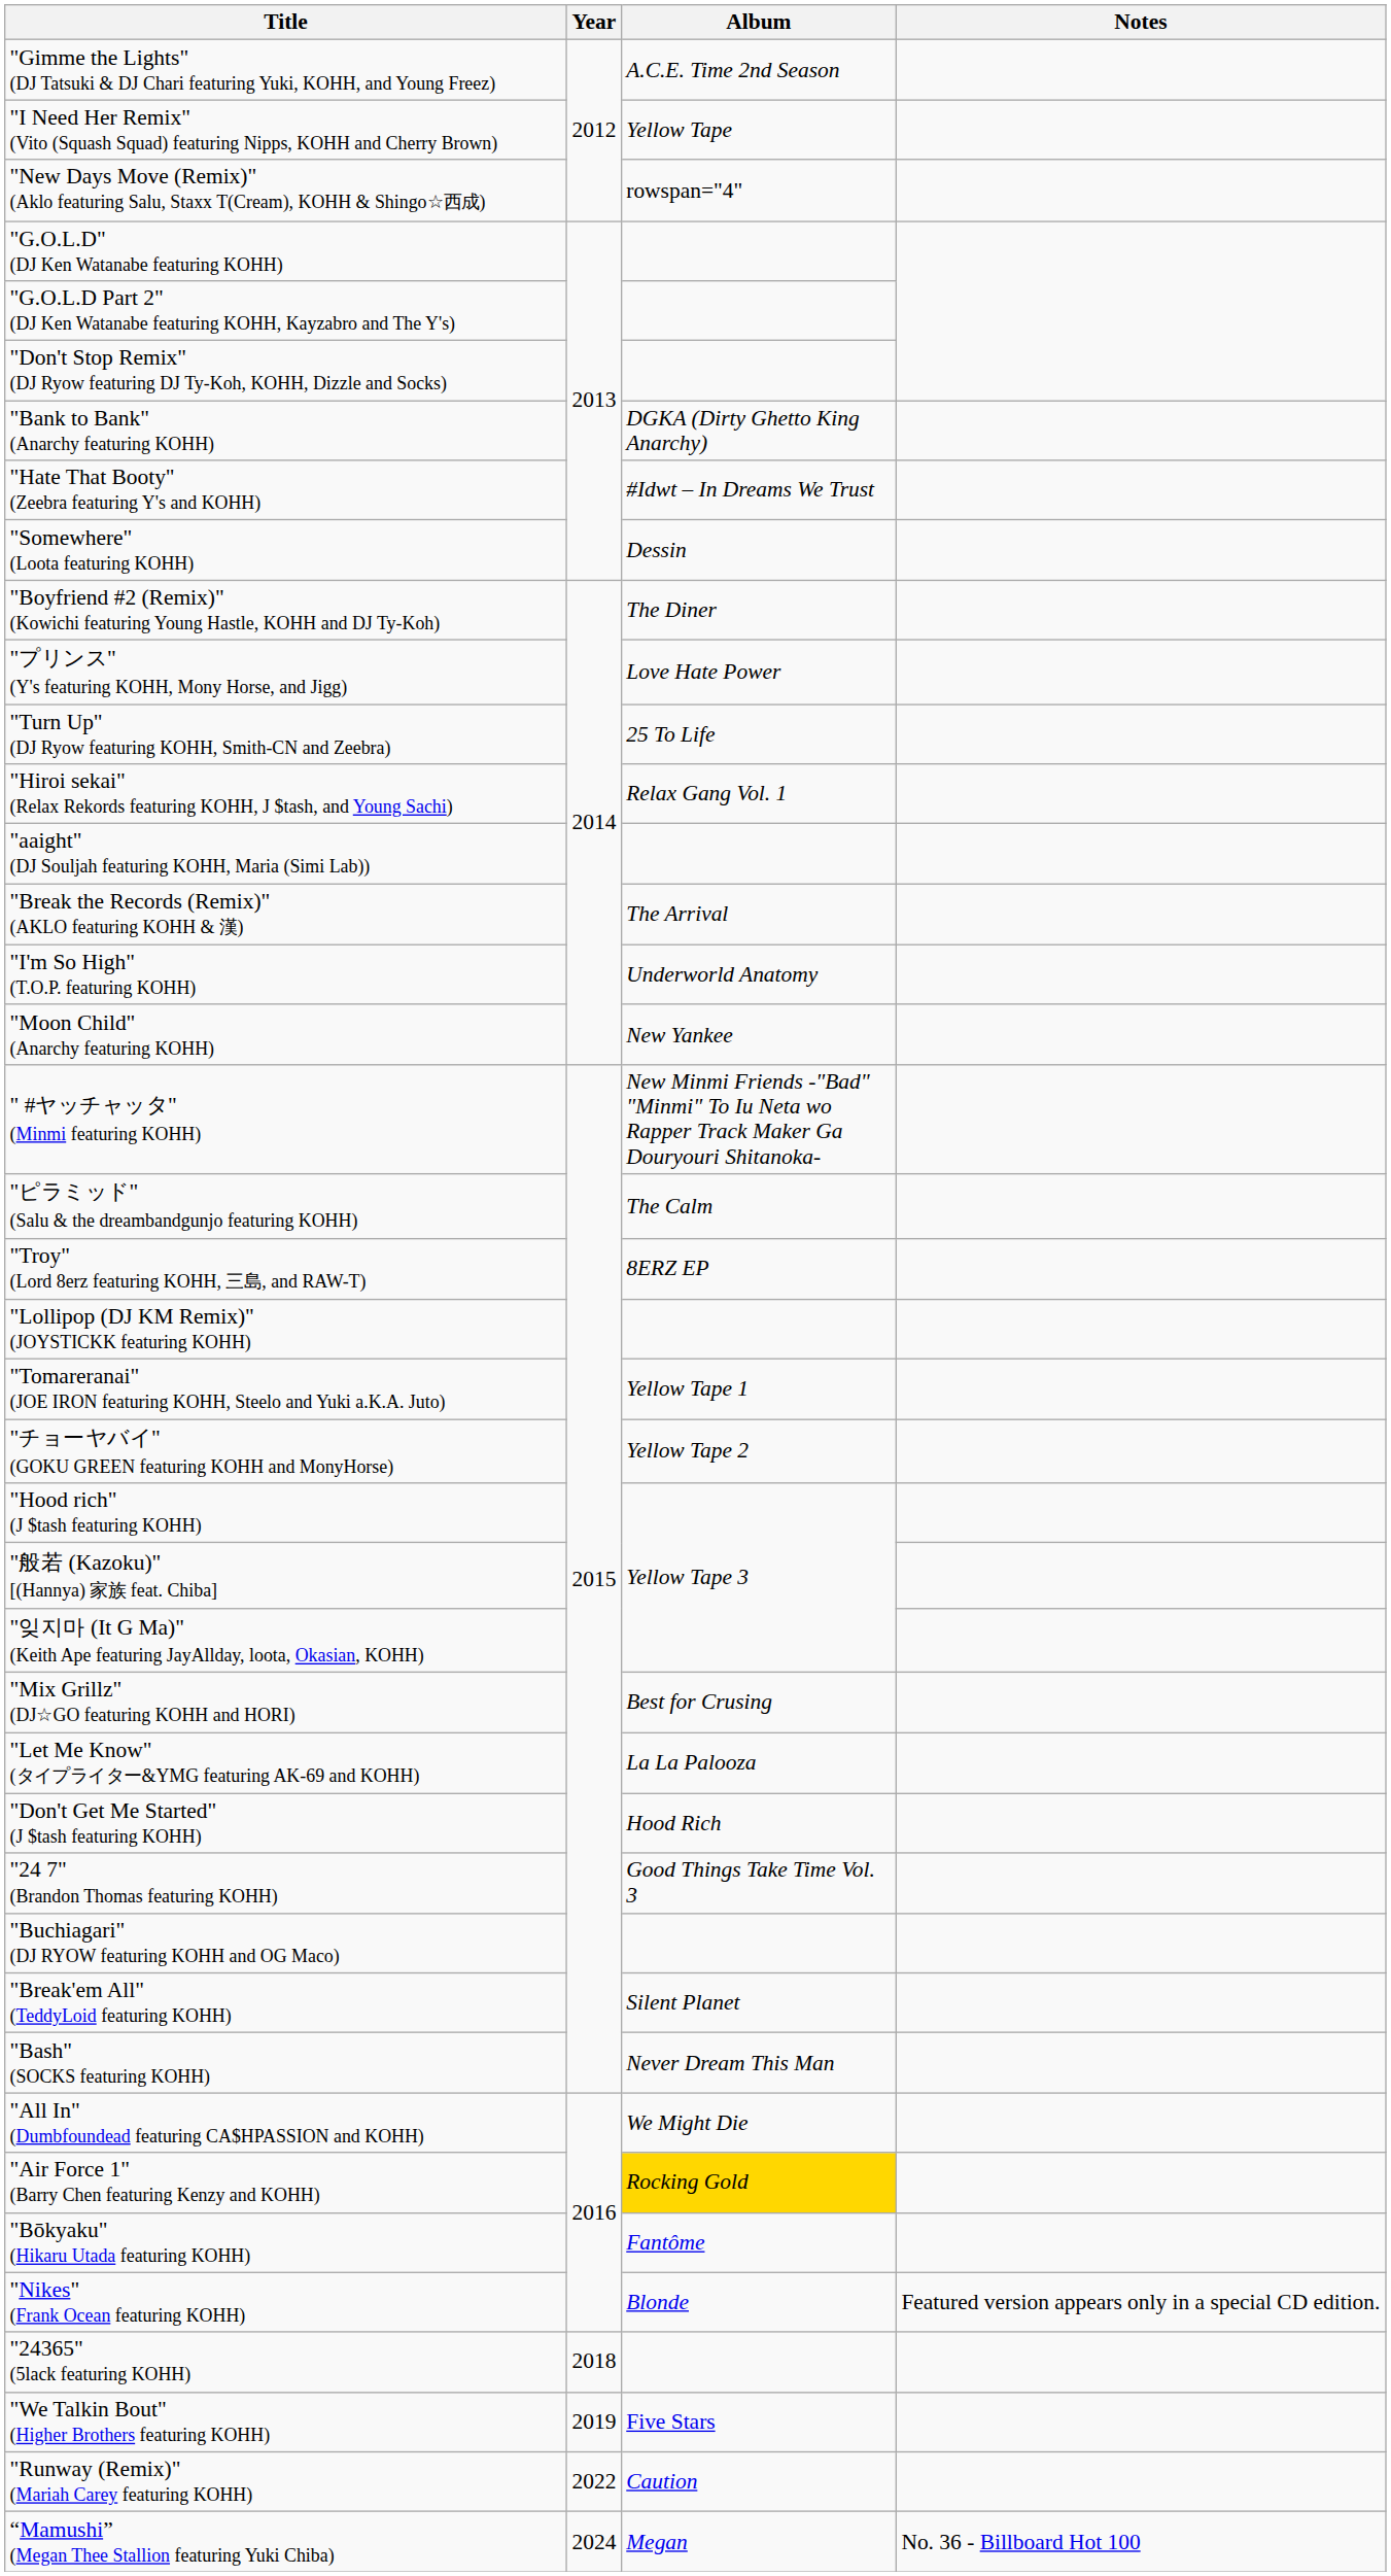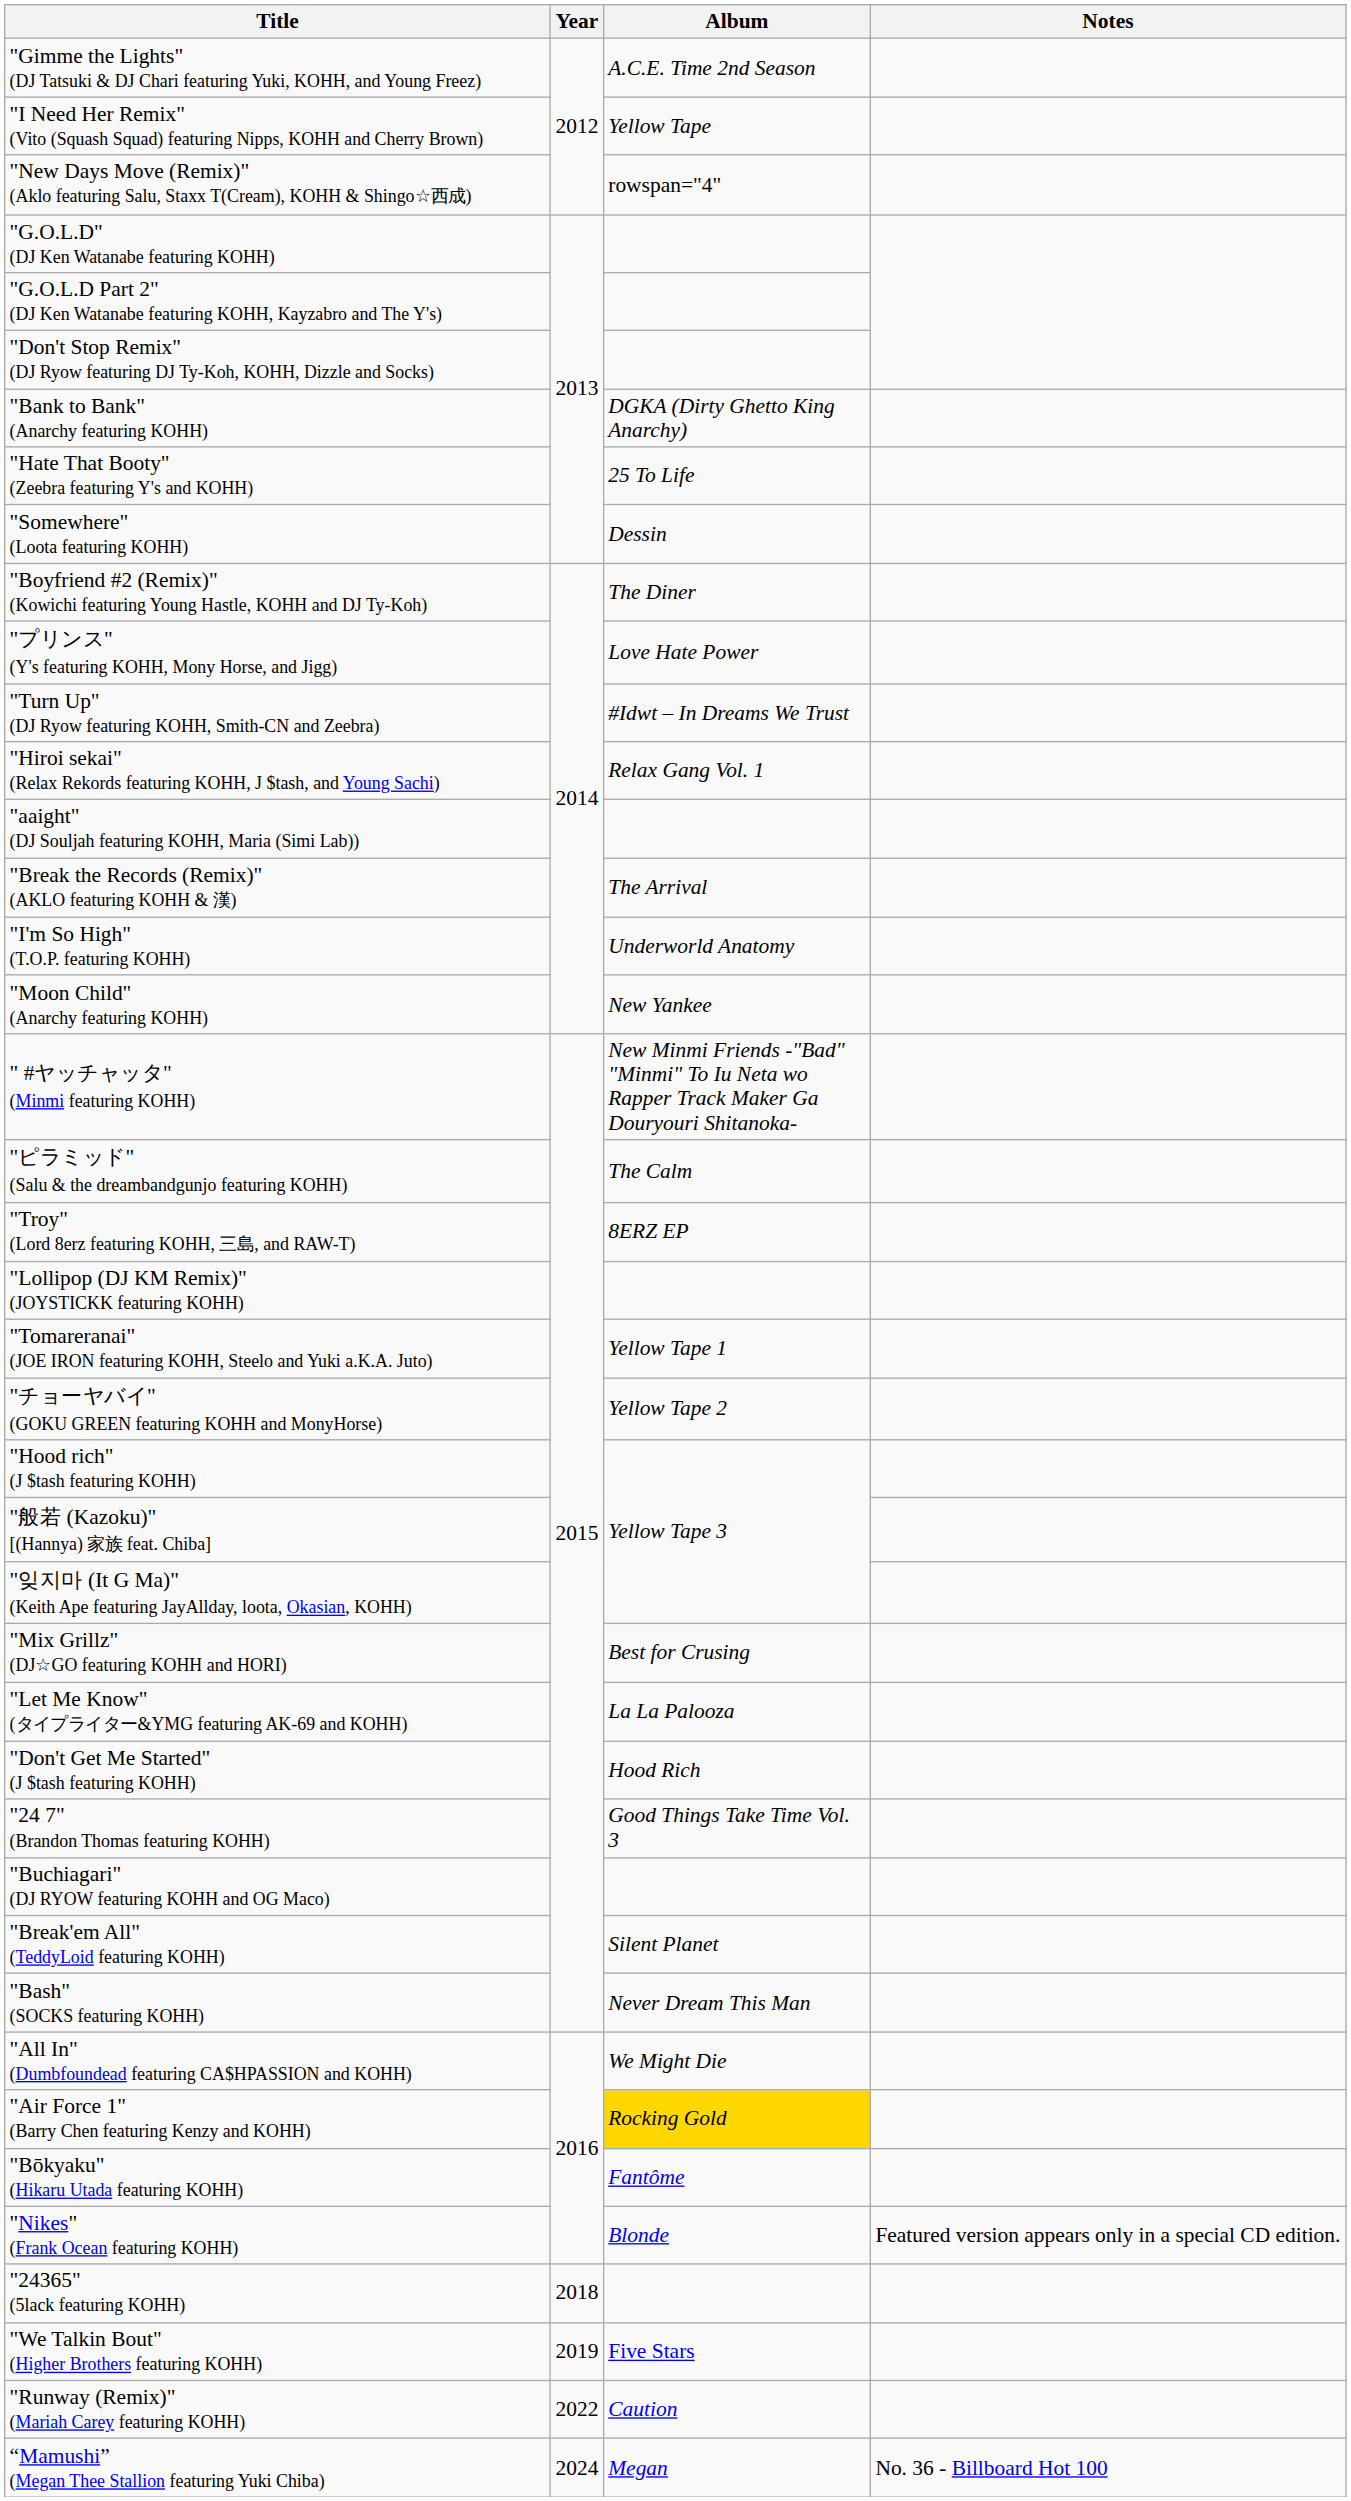 <table class="wikitable sortable">
 <tr>
 <th scope="col" style="width:25em;">Title</th>
 <th>Year</th>
 <th scope="col" style="width:12em;">Album</th>
 <th>Notes</th>
 </tr>
 <tr>
 <td>"Gimme the Lights"<br><small>(DJ Tatsuki & DJ Chari featuring Yuki, KOHH, and Young Freez)</small></td>
 <td rowspan="3">2012</td>
 <td><em>A.C.E. Time 2nd Season</em></td>
 <td></td>
 </tr>
 <tr>
 <td>"I Need Her Remix"<br><small>(Vito (Squash Squad) featuring Nipps, KOHH and Cherry Brown)</small></td>
 <td><em>Yellow Tape</em></td>
 <td></td>
 </tr>
 <tr>
 <td>"New Days Move (Remix)"<br><small>(Aklo featuring Salu, Staxx T(Cream), KOHH & Shingo☆西成)</small></td>
 <td>rowspan="4" </td>
 <td></td>
 </tr>
 <tr>
 <td>"G.O.L.D"<br><small>(DJ Ken Watanabe featuring KOHH)</small></td>
 <td rowspan="6">2013</td>
 <td></td>
 </tr>
 <tr>
 <td>"G.O.L.D Part 2"<br><small>(DJ Ken Watanabe featuring KOHH, Kayzabro and The Y's)</small></td>
 <td></td>
 </tr>
 <tr>
 <td>"Don't Stop Remix"<br><small>(DJ Ryow featuring DJ Ty-Koh, KOHH, Dizzle and Socks)</small></td>
 <td></td>
 </tr>
 <tr>
 <td>"Bank to Bank"<br><small>(Anarchy featuring KOHH)</small></td>
 <td><em>DGKA (Dirty Ghetto King Anarchy)</em></td>
 <td></td>
 </tr>
 <tr>
 <td>"Hate That Booty"<br><small>(Zeebra featuring Y's and KOHH)</small></td>
-<td><em>#Idwt – In Dreams We Trust</em></td>
+<td><em>25 To Life</em></td>
 <td></td>
 </tr>
 <tr>
 <td>"Somewhere"<br><small>(Loota featuring KOHH)</small></td>
 <td><em>Dessin</em></td>
 <td></td>
 </tr>
 <tr>
 <td>"Boyfriend #2 (Remix)"<br><small>(Kowichi featuring Young Hastle, KOHH and DJ Ty-Koh)</small></td>
 <td rowspan="8">2014</td>
 <td><em>The Diner</em></td>
 <td></td>
 </tr>
 <tr>
 <td>"プリンス"<br><small>(Y's featuring KOHH, Mony Horse, and Jigg)</small></td>
 <td><em>Love Hate Power</em></td>
 <td></td>
 </tr>
 <tr>
 <td>"Turn Up"<br><small>(DJ Ryow featuring KOHH, Smith-CN and Zeebra)</small></td>
-<td><em>25 To Life</em></td>
+<td><em>#Idwt – In Dreams We Trust</em></td>
 <td></td>
 </tr>
 <tr>
 <td>"Hiroi sekai"<br><small>(Relax Rekords featuring KOHH, J $tash, and <a href='#'>Young Sachi</a>)</small></td>
 <td><em>Relax Gang Vol. 1</em></td>
 <td></td>
 </tr>
 <tr>
 <td>"aaight"<br><small>(DJ Souljah featuring KOHH, Maria (Simi Lab))</small></td>
 <td></td>
 <td></td>
 </tr>
 <tr>
 <td>"Break the Records (Remix)"<br><small>(AKLO featuring KOHH & 漢)</small></td>
 <td><em>The Arrival</em></td>
 <td></td>
 </tr>
 <tr>
 <td>"I'm So High"<br><small>(T.O.P. featuring KOHH)</small></td>
 <td><em>Underworld Anatomy</em></td>
 <td></td>
 </tr>
 <tr>
 <td>"Moon Child"<br><small>(Anarchy featuring KOHH)</small></td>
 <td><em>New Yankee</em></td>
 <td></td>
 </tr>
 <tr>
 <td>" #ヤッチャッタ"<br><small>(<a href='#'>Minmi</a> featuring KOHH)</small></td>
 <td rowspan="16">2015</td>
 <td><em>New Minmi Friends -"Bad" "Minmi" To Iu Neta wo Rapper Track Maker Ga Douryouri Shitanoka-</em></td>
 <td></td>
 </tr>
 <tr>
 <td>"ピラミッド"<br><small>(Salu & the dreambandgunjo featuring KOHH)</small></td>
 <td><em>The Calm</em></td>
 <td></td>
 </tr>
 <tr>
 <td>"Troy"<br><small>(Lord 8erz featuring KOHH, 三島, and RAW-T)</small></td>
 <td><em>8ERZ EP</em></td>
 <td></td>
 </tr>
 <tr>
 <td>"Lollipop (DJ KM Remix)"<br><small>(JOYSTICKK featuring KOHH)</small></td>
 <td></td>
 <td></td>
 </tr>
 <tr>
 <td>"Tomareranai"<br><small>(JOE IRON featuring KOHH, Steelo and Yuki a.K.A. Juto)</small></td>
 <td><em>Yellow Tape 1</em></td>
 <td></td>
 </tr>
 <tr>
 <td>"チョーヤバイ"<br><small>(GOKU GREEN featuring KOHH and MonyHorse)</small></td>
 <td><em>Yellow Tape 2</em></td>
 <td></td>
 </tr>
 <tr>
 <td>"Hood rich"<br><small>(J $tash featuring KOHH)</small></td>
 <td rowspan="3"><em>Yellow Tape 3</em></td>
 <td></td>
 </tr>
 <tr>
 <td>"般若 (Kazoku)"<br><small>[(Hannya) 家族 feat. Chiba]</small></td>
 <td></td>
 </tr>
 <tr>
 <td>"잊지마 (It G Ma)"<br><small>(Keith Ape featuring JayAllday, loota, <a href='#'>Okasian</a>, KOHH)</small></td>
 <td></td>
 </tr>
 <tr>
 <td>"Mix Grillz"<br><small>(DJ☆GO featuring KOHH and HORI)</small></td>
 <td><em>Best for Crusing</em></td>
 <td></td>
 </tr>
 <tr>
 <td>"Let Me Know"<br><small>(タイプライター&YMG featuring AK-69 and KOHH)</small></td>
 <td><em>La La Palooza</em></td>
 <td></td>
 </tr>
 <tr>
 <td>"Don't Get Me Started"<br><small>(J $tash featuring KOHH)</small></td>
 <td><em>Hood Rich</em></td>
 <td></td>
 </tr>
 <tr>
 <td>"24 7"<br><small>(Brandon Thomas featuring KOHH)</small></td>
 <td><em>Good Things Take Time Vol. 3</em></td>
 <td></td>
 </tr>
 <tr>
 <td>"Buchiagari"<br><small>(DJ RYOW featuring KOHH and OG Maco)</small></td>
 <td></td>
 <td></td>
 </tr>
 <tr>
 <td>"Break'em All"<br><small>(<a href='#'>TeddyLoid</a> featuring KOHH)</small></td>
 <td><em>Silent Planet</em></td>
 <td></td>
 </tr>
 <tr>
 <td>"Bash"<br><small>(SOCKS featuring KOHH)</small></td>
 <td><em>Never Dream This Man</em></td>
 <td></td>
 </tr>
 <tr>
 <td>"All In"<br><small>(<a href='#'>Dumbfoundead</a> featuring CA$HPASSION and KOHH)</small></td>
 <td rowspan="4">2016</td>
 <td><em>We Might Die</em></td>
 <td></td>
 </tr>
 <tr>
 <td>"Air Force 1"<br><small>(Barry Chen featuring Kenzy and KOHH)</small></td>
 <td style="background: gold;"><em>Rocking Gold</em></td>
 <td></td>
 </tr>
 <tr>
 <td>"Bōkyaku"<br><small>(<a href='#'>Hikaru Utada</a> featuring KOHH)</small></td>
 <td><a href='#'><em>Fantôme</em></a></td>
 <td></td>
 </tr>
 <tr>
 <td>"<a href='#'>Nikes</a>"<br><small>(<a href='#'>Frank Ocean</a> featuring KOHH)</small></td>
 <td><em><a href='#'>Blonde</a></em></td>
 <td>Featured version appears only in a special CD edition.</td>
 </tr>
 <tr>
 <td>"24365"<br><small>(5lack featuring KOHH)</small></td>
 <td>2018</td>
 <td></td>
 <td></td>
 </tr>
 <tr>
 <td>"We Talkin Bout"<br><small>(<a href='#'>Higher Brothers</a> featuring KOHH)</small></td>
 <td>2019</td>
 <td><a href='#'>Five Stars</a></td>
 <td></td>
 </tr>
 <tr>
 <td>"Runway (Remix)"<br><small>(<a href='#'>Mariah Carey</a> featuring KOHH)</small></td>
 <td>2022</td>
 <td><em><a href='#'>Caution</a></em></td>
 <td></td>
 </tr>
 <tr>
 <td>“<a href='#'>Mamushi</a>”<br><small>(<a href='#'>Megan Thee Stallion</a> featuring Yuki Chiba)</small></td>
 <td>2024</td>
 <td><em><a href='#'>Megan</a></em></td>
 <td>No. 36 - <a href='#'>Billboard Hot 100</a></td>
 </tr>
 </table>
